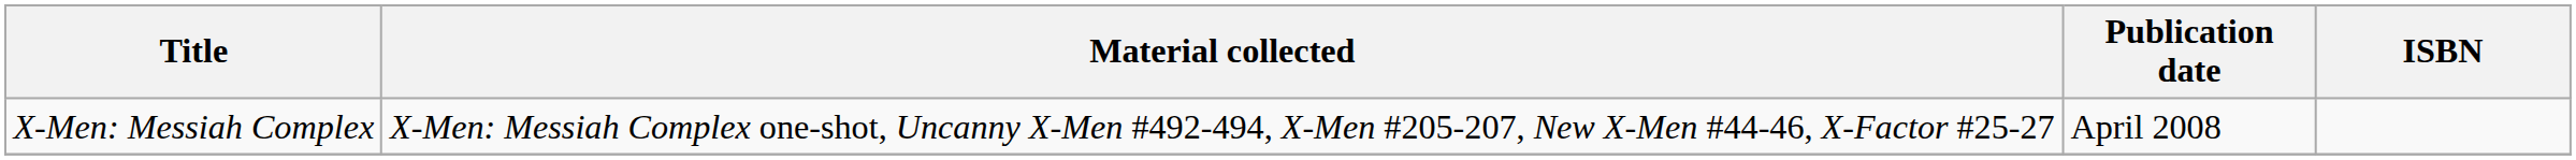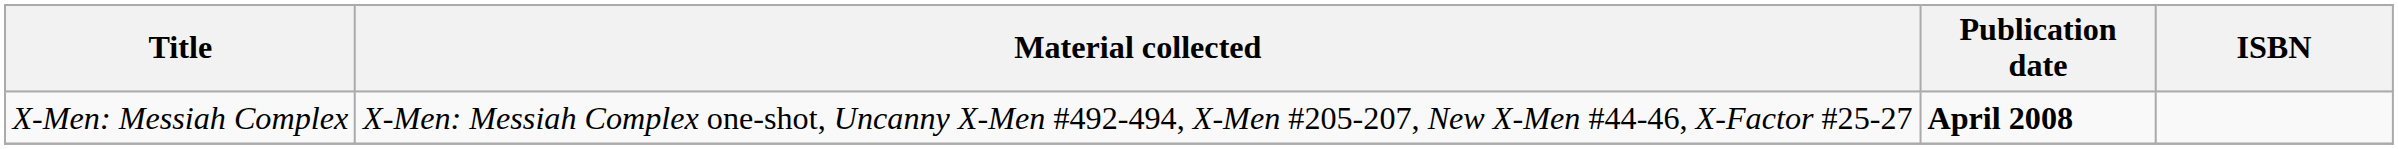 <table class="wikitable">
 <tr>
 <th>Title</th>
 <th>Material collected</th>
 <th width=110>Publication date</th>
 <th width=110>ISBN</th>
 </tr>
 <tr>
 <td><em>X-Men: Messiah Complex</em></td>
 <td><em>X-Men: Messiah Complex</em> one-shot, <em>Uncanny X-Men</em> #492-494, <em>X-Men</em> #205-207, <em>New X-Men</em> #44-46, <em>X-Factor</em> #25-27</td>
-<td>April 2008</td>
+<td><strong>April 2008</strong></td>
 <td></td>
 </tr>
 <tr>
 </tr>
 </table>
